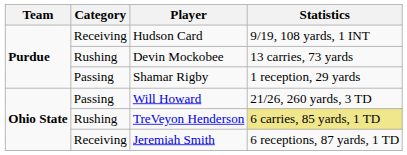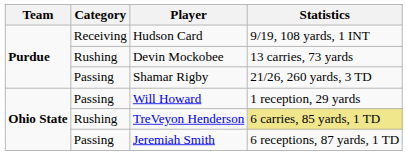 <table class="wikitable" style="float: right;">
 <tr>
 <th>Team</th>
 <th>Category</th>
 <th>Player</th>
 <th>Statistics</th>
 </tr>
 <tr>
 <td rowspan=3><strong>Purdue</strong></td>
 <td>Receiving</td>
 <td>Hudson Card</td>
 <td>9/19, 108 yards, 1 INT</td>
 </tr>
 <tr>
 <td>Rushing</td>
 <td>Devin Mockobee</td>
 <td>13 carries, 73 yards</td>
 </tr>
 <tr>
 <td>Passing</td>
 <td>Shamar Rigby</td>
-<td>1 reception, 29 yards</td>
+<td>21/26, 260 yards, 3 TD</td>
 </tr>
 <tr>
 <td rowspan=3><strong>Ohio State</strong></td>
 <td>Passing</td>
 <td><a href='#'>Will Howard</a></td>
-<td>21/26, 260 yards, 3 TD</td>
+<td>1 reception, 29 yards</td>
 </tr>
 <tr>
 <td>Rushing</td>
 <td><a href='#'>TreVeyon Henderson</a></td>
 <td style="background: khaki;">6 carries, 85 yards, 1 TD</td>
 </tr>
 <tr>
-<td>Receiving</td>
+<td>Passing</td>
 <td><a href='#'>Jeremiah Smith</a></td>
 <td>6 receptions, 87 yards, 1 TD</td>
 </tr>
 </table>
